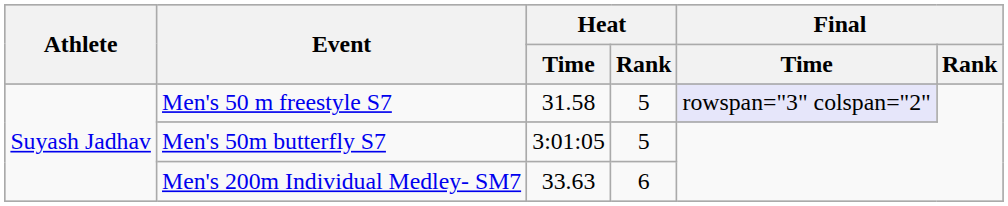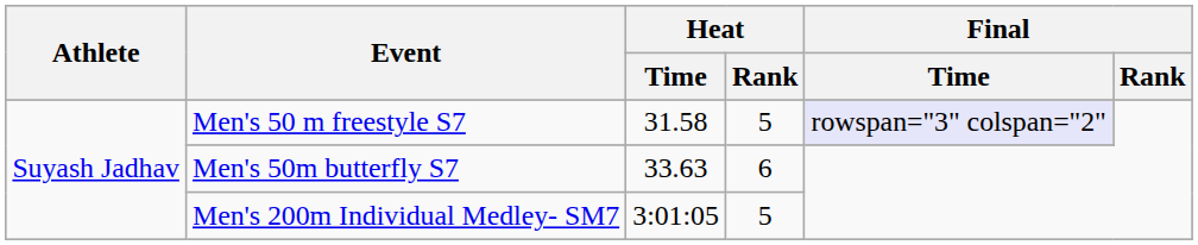 <table class=wikitable style="font-size:90%">
 <tr>
 <th rowspan="2">Athlete</th>
 <th rowspan="2">Event</th>
 <th colspan="2">Heat</th>
 <th colspan="2">Final</th>
 </tr>
 <tr>
 <th>Time</th>
 <th>Rank</th>
 <th>Time</th>
 <th>Rank</th>
 </tr>
 <tr align=center>
 <td align=left rowspan="3"><a href='#'>Suyash Jadhav</a></td>
 <td align=left><a href='#'>Men's 50 m freestyle S7</a></td>
 <td>31.58</td>
 <td>5</td>
 <td style="background: lavender;">rowspan="3" colspan="2" </td>
 </tr>
 <tr align=center>
 <td align=left><a href='#'>Men's 50m butterfly S7</a></td>
+<td>33.63</td>
+<td>6</td>
+</tr>
+<tr align=center>
+<td align=left><a href='#'>Men's 200m Individual Medley- SM7</a></td>
 <td>3:01:05</td>
 <td>5</td>
 </tr>
-<tr align=center>
-<td align=left><a href='#'>Men's 200m Individual Medley- SM7</a></td>
-<td>33.63</td>
-<td>6</td>
-</tr>
 </table>
